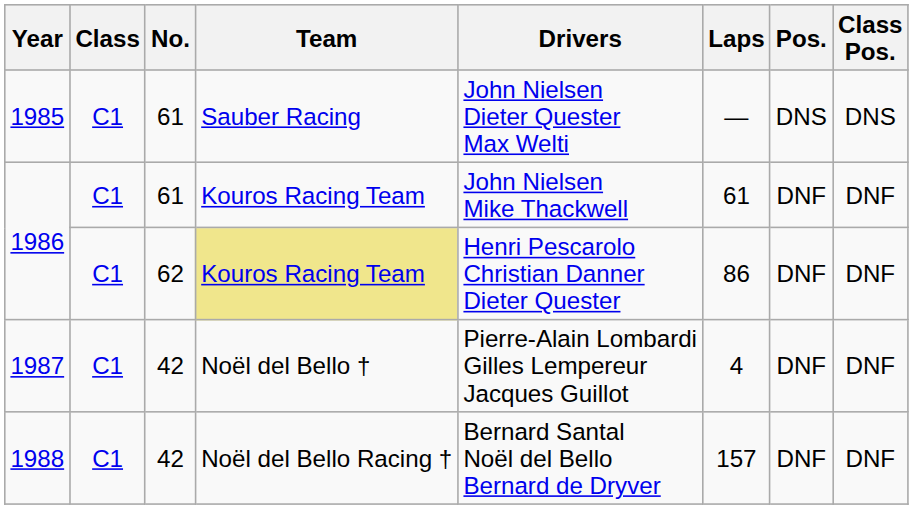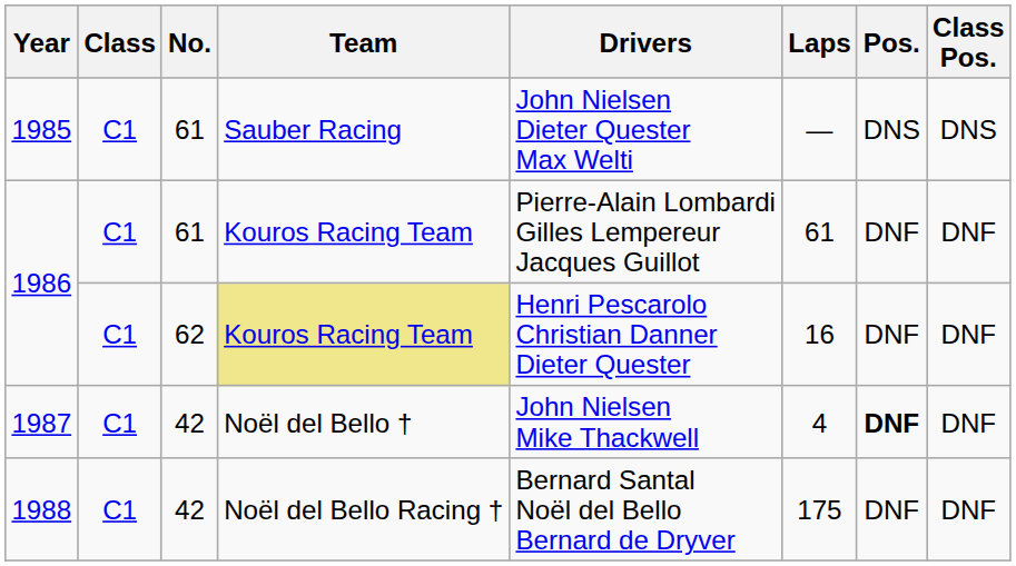 <table class="wikitable" style="font-size:95%">
 <tr>
 <th>Year</th>
 <th>Class</th>
 <th>No.</th>
 <th>Team</th>
 <th>Drivers</th>
 <th>Laps</th>
 <th>Pos.</th>
 <th>Class<br>Pos.</th>
 </tr>
 <tr align="center">
 <td><a href='#'>1985</a></td>
 <td><a href='#'>C1</a></td>
 <td>61</td>
 <td align="left"> <a href='#'>Sauber Racing</a></td>
 <td align="left"> <a href='#'>John Nielsen</a><br> <a href='#'>Dieter Quester</a><br> <a href='#'>Max Welti</a></td>
 <td>—</td>
 <td>DNS</td>
 <td>DNS</td>
 </tr>
 <tr align="center">
 <td rowspan=2><a href='#'>1986</a></td>
 <td><a href='#'>C1</a></td>
 <td>61</td>
 <td align="left"> <a href='#'>Kouros Racing Team</a></td>
-<td align="left"> <a href='#'>John Nielsen</a><br> <a href='#'>Mike Thackwell</a></td>
+<td align="left"> Pierre-Alain Lombardi<br> Gilles Lempereur<br> Jacques Guillot</td>
 <td>61</td>
 <td>DNF</td>
 <td>DNF</td>
 </tr>
 <tr align="center">
 <td><a href='#'>C1</a></td>
 <td>62</td>
 <td align="left" style="background: khaki;"> <a href='#'>Kouros Racing Team</a></td>
 <td align="left"> <a href='#'>Henri Pescarolo</a><br> <a href='#'>Christian Danner</a><br> <a href='#'>Dieter Quester</a></td>
-<td>86</td>
+<td>16</td>
 <td>DNF</td>
 <td>DNF</td>
 </tr>
 <tr align="center">
 <td><a href='#'>1987</a></td>
 <td><a href='#'>C1</a></td>
 <td>42</td>
 <td align="left"> Noël del Bello †</td>
-<td align="left"> Pierre-Alain Lombardi<br> Gilles Lempereur<br> Jacques Guillot</td>
+<td align="left"> <a href='#'>John Nielsen</a><br> <a href='#'>Mike Thackwell</a></td>
 <td>4</td>
-<td>DNF</td>
+<td><strong>DNF</strong></td>
 <td>DNF</td>
 </tr>
 <tr align="center">
 <td><a href='#'>1988</a></td>
 <td><a href='#'>C1</a></td>
 <td>42</td>
 <td align="left"> Noël del Bello Racing †</td>
 <td align="left"> Bernard Santal<br> Noël del Bello<br> <a href='#'>Bernard de Dryver</a></td>
-<td>157</td>
+<td>175</td>
 <td>DNF</td>
 <td>DNF</td>
 </tr>
 </table>
